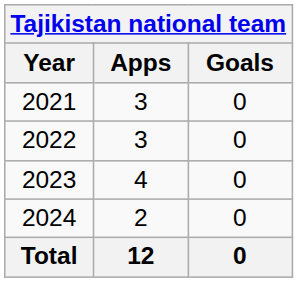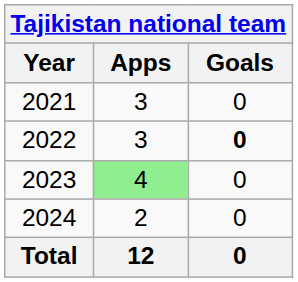 <table class="wikitable" style="text-align:center">
 <tr>
 <th colspan=3><a href='#'>Tajikistan national team</a></th>
 </tr>
 <tr>
 <th>Year</th>
 <th>Apps</th>
 <th>Goals</th>
 </tr>
 <tr>
 <td>2021</td>
 <td>3</td>
 <td>0</td>
 </tr>
 <tr>
 <td>2022</td>
 <td>3</td>
-<td>0</td>
+<td><strong>0</strong></td>
 </tr>
 <tr>
 <td>2023</td>
-<td>4</td>
+<td style="background: lightgreen;">4</td>
 <td>0</td>
 </tr>
 <tr>
 <td>2024</td>
 <td>2</td>
 <td>0</td>
 </tr>
 <tr>
 <th>Total</th>
 <th>12</th>
 <th>0</th>
 </tr>
 </table>
